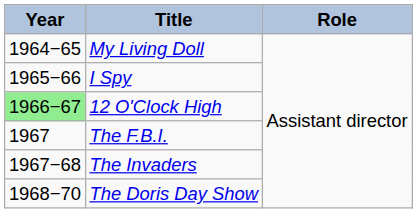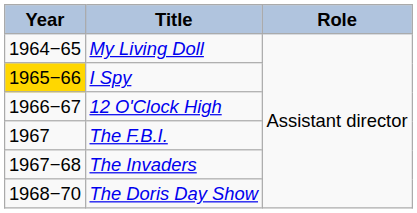 <table class="wikitable" style="font-size:95%;">
 <tr>
 <th style="background:#B0C4DE;">Year</th>
 <th style="background:#B0C4DE;">Title</th>
 <th style="background:#B0C4DE;">Role</th>
 </tr>
 <tr>
 <td>1964−65</td>
 <td><em><a href='#'>My Living Doll</a></em></td>
 <td rowspan=6>Assistant director</td>
 </tr>
 <tr>
-<td>1965−66</td>
+<td style="background: gold;">1965−66</td>
 <td><em><a href='#'>I Spy</a></em></td>
 </tr>
 <tr>
-<td style="background: lightgreen;">1966−67</td>
+<td>1966−67</td>
 <td><em><a href='#'>12 O'Clock High</a></em></td>
 </tr>
 <tr>
 <td>1967</td>
 <td><em><a href='#'>The F.B.I.</a></em></td>
 </tr>
 <tr>
 <td>1967−68</td>
 <td><em><a href='#'>The Invaders</a></em></td>
 </tr>
 <tr>
 <td>1968−70</td>
 <td><em><a href='#'>The Doris Day Show</a></em></td>
 </tr>
 </table>
